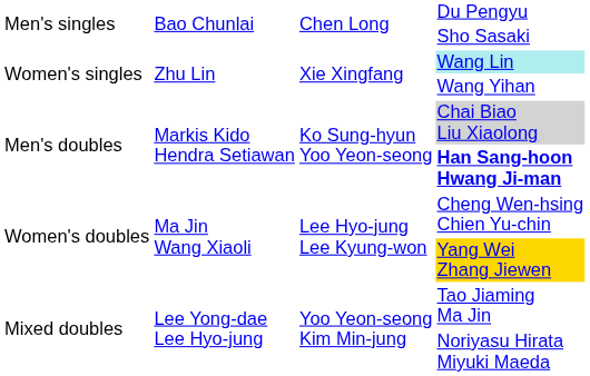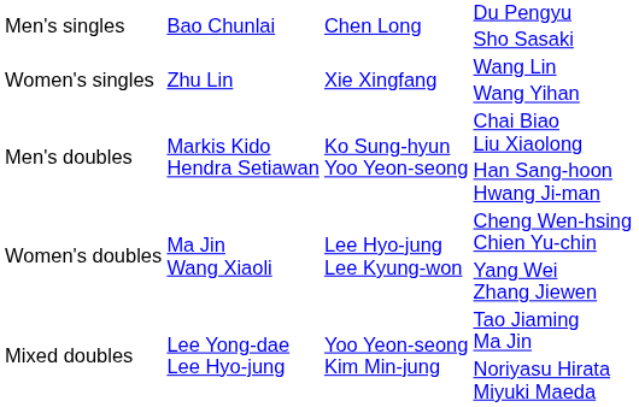 <table>
 <tr>
 <td rowspan=2>Men's singles</td>
 <td rowspan=2> <a href='#'>Bao Chunlai</a></td>
 <td rowspan=2> <a href='#'>Chen Long</a></td>
 <td> <a href='#'>Du Pengyu</a></td>
 </tr>
 <tr>
 <td> <a href='#'>Sho Sasaki</a></td>
 </tr>
 <tr>
 <td rowspan=2>Women's singles</td>
 <td rowspan=2> <a href='#'>Zhu Lin</a></td>
 <td rowspan=2> <a href='#'>Xie Xingfang</a></td>
-<td style="background: paleturquoise;"> <a href='#'>Wang Lin</a></td>
+<td> <a href='#'>Wang Lin</a></td>
 </tr>
 <tr>
 <td> <a href='#'>Wang Yihan</a></td>
 </tr>
 <tr>
 <td rowspan=2>Men's doubles</td>
 <td rowspan=2> <a href='#'>Markis Kido</a> <br> <a href='#'>Hendra Setiawan</a></td>
 <td rowspan=2> <a href='#'>Ko Sung-hyun</a> <br> <a href='#'>Yoo Yeon-seong</a></td>
-<td style="background: lightgrey;"> <a href='#'>Chai Biao</a> <br> <a href='#'>Liu Xiaolong</a></td>
+<td> <a href='#'>Chai Biao</a> <br> <a href='#'>Liu Xiaolong</a></td>
 </tr>
 <tr>
-<td><strong> <a href='#'>Han Sang-hoon</a> <br> <a href='#'>Hwang Ji-man</a></strong></td>
+<td> <a href='#'>Han Sang-hoon</a> <br> <a href='#'>Hwang Ji-man</a></td>
 </tr>
 <tr>
 <td rowspan=2>Women's doubles</td>
 <td rowspan=2> <a href='#'>Ma Jin</a> <br> <a href='#'>Wang Xiaoli</a></td>
 <td rowspan=2> <a href='#'>Lee Hyo-jung</a> <br> <a href='#'>Lee Kyung-won</a></td>
 <td> <a href='#'>Cheng Wen-hsing</a> <br> <a href='#'>Chien Yu-chin</a></td>
 </tr>
 <tr>
-<td style="background: gold;"> <a href='#'>Yang Wei</a> <br> <a href='#'>Zhang Jiewen</a></td>
+<td> <a href='#'>Yang Wei</a> <br> <a href='#'>Zhang Jiewen</a></td>
 </tr>
 <tr>
 <td rowspan=2>Mixed doubles</td>
 <td rowspan=2> <a href='#'>Lee Yong-dae</a> <br> <a href='#'>Lee Hyo-jung</a></td>
 <td rowspan=2> <a href='#'>Yoo Yeon-seong</a> <br> <a href='#'>Kim Min-jung</a></td>
 <td> <a href='#'>Tao Jiaming</a> <br> <a href='#'>Ma Jin</a></td>
 </tr>
 <tr>
 <td> <a href='#'>Noriyasu Hirata</a> <br> <a href='#'>Miyuki Maeda</a></td>
 </tr>
 </table>
